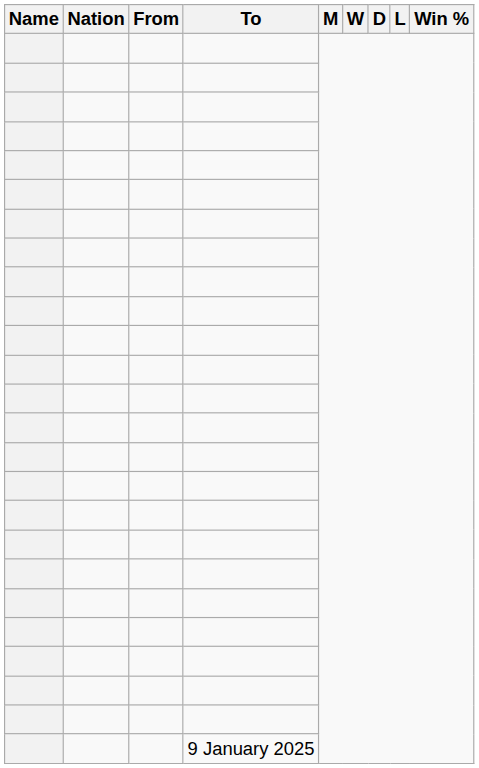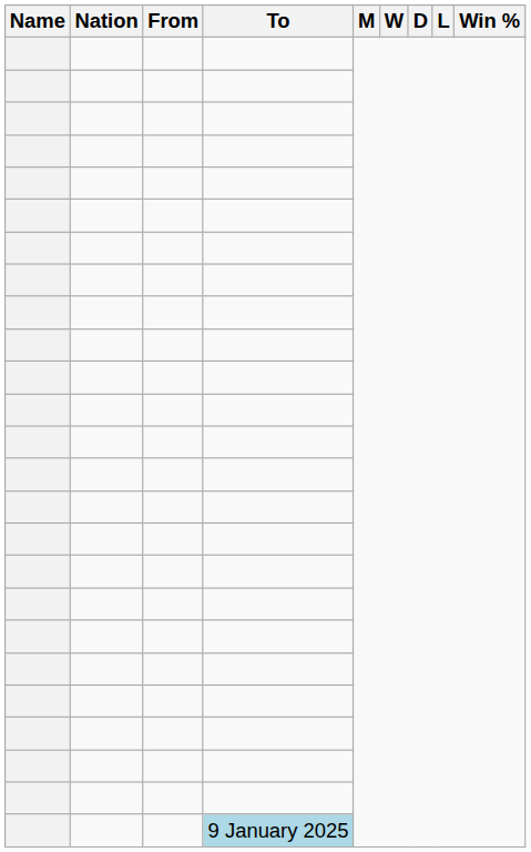 <table class="wikitable sortable plainrowheaders" style="text-align: center">
 <tr>
 <th scope=col>Name</th>
 <th scope=col>Nation</th>
 <th scope=col>From</th>
 <th scope=col class="unsortable">To</th>
 <th scope=col>M</th>
 <th scope=col>W</th>
 <th scope=col>D</th>
 <th scope=col>L</th>
 <th scope=col>Win %</th>
 </tr>
 <tr>
 <th align=left scope=row></th>
 <td align=left></td>
 <td align=left></td>
 <td align=left><br></td>
 </tr>
 <tr>
 <th align=left scope=row></th>
 <td align=left></td>
 <td align=left></td>
 <td align=left><br></td>
 </tr>
 <tr>
 <th align=left scope=row></th>
 <td align=left></td>
 <td align=left></td>
 <td align=left><br></td>
 </tr>
 <tr>
 <th align=left scope=row></th>
 <td align=left></td>
 <td align=left></td>
 <td align=left><br></td>
 </tr>
 <tr>
 <th align=left scope=row></th>
 <td align=left></td>
 <td align=left></td>
 <td align=left><br></td>
 </tr>
 <tr>
 <th align=left scope=row></th>
 <td align=left></td>
 <td align=left></td>
 <td align=left><br></td>
 </tr>
 <tr>
 <th align=left scope=row></th>
 <td align=left></td>
 <td align=left></td>
 <td align=left><br></td>
 </tr>
 <tr>
 <th align=left scope=row></th>
 <td align=left></td>
 <td align=left></td>
 <td align=left><br></td>
 </tr>
 <tr>
 <th align=left scope=row></th>
 <td align=left></td>
 <td align=left></td>
 <td align=left><br></td>
 </tr>
 <tr>
 <th align=left scope=row></th>
 <td align=left></td>
 <td align=left></td>
 <td align=left><br></td>
 </tr>
 <tr>
 <th align=left scope=row></th>
 <td align=left></td>
 <td align=left></td>
 <td align=left><br></td>
 </tr>
 <tr>
 <th align=left scope=row></th>
 <td align=left></td>
 <td align=left></td>
 <td align=left><br></td>
 </tr>
 <tr>
 <th align=left scope=row></th>
 <td align=left></td>
 <td align=left></td>
 <td align=left><br></td>
 </tr>
 <tr>
 <th align=left scope=row></th>
 <td align=left></td>
 <td align=left></td>
 <td align=left><br></td>
 </tr>
 <tr>
 <th align=left scope=row></th>
 <td align=left></td>
 <td align=left></td>
 <td align=left><br></td>
 </tr>
 <tr>
 <th align=left scope=row></th>
 <td align=left></td>
 <td align=left></td>
 <td align=left><br></td>
 </tr>
 <tr>
 <th align=left scope=row></th>
 <td align=left></td>
 <td align=left></td>
 <td align=left><br></td>
 </tr>
 <tr>
 <th align=left scope=row></th>
 <td align=left></td>
 <td align=left></td>
 <td align=left><br></td>
 </tr>
 <tr>
 <th align=left scope=row></th>
 <td align=left></td>
 <td align=left></td>
 <td align=left><br></td>
 </tr>
 <tr>
 <th align=left scope=row></th>
 <td align=left></td>
 <td align=left></td>
 <td align=left><br></td>
 </tr>
 <tr>
 <th align=left scope=row></th>
 <td align=left></td>
 <td align=left></td>
 <td align=left><br></td>
 </tr>
 <tr>
 <th align=left scope=row></th>
 <td align=left></td>
 <td align=left></td>
 <td align=left><br></td>
 </tr>
 <tr>
 <th align=left scope=row></th>
 <td align=left></td>
 <td align=left></td>
 <td align=left><br></td>
 </tr>
 <tr>
 <th align=left scope=row></th>
 <td align=left></td>
 <td align=left></td>
 <td align=left><br></td>
 </tr>
 <tr>
 <th align=left scope=row></th>
 <td align=left></td>
 <td align=left></td>
-<td align=left>9 January 2025<br></td>
+<td align=left style="background: lightblue;">9 January 2025<br></td>
 </tr>
 </table>
